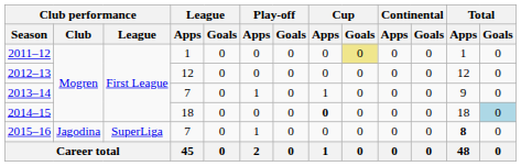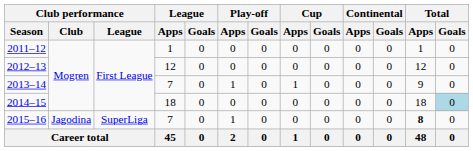 <table class="wikitable" style="text-align:center">
 <tr>
 <th colspan=3>Club performance</th>
 <th colspan=2>League</th>
 <th colspan=2>Play-off</th>
 <th colspan=2>Cup</th>
 <th colspan=2>Continental</th>
 <th colspan=2>Total</th>
 </tr>
 <tr>
 <th>Season</th>
 <th>Club</th>
 <th>League</th>
 <th>Apps</th>
 <th>Goals</th>
 <th>Apps</th>
 <th>Goals</th>
 <th>Apps</th>
 <th>Goals</th>
 <th>Apps</th>
 <th>Goals</th>
 <th>Apps</th>
 <th>Goals</th>
 </tr>
 <tr>
 <td><a href='#'>2011–12</a></td>
 <td rowspan="4"><a href='#'>Mogren</a></td>
 <td rowspan="4"><a href='#'>First League</a></td>
 <td>1</td>
 <td>0</td>
 <td>0</td>
 <td>0</td>
 <td>0</td>
-<td style="background: khaki;">0</td>
+<td>0</td>
 <td>0</td>
 <td>0</td>
 <td>1</td>
 <td>0</td>
 </tr>
 <tr>
 <td><a href='#'>2012–13</a></td>
 <td>12</td>
 <td>0</td>
 <td>0</td>
 <td>0</td>
 <td>0</td>
 <td>0</td>
 <td>0</td>
 <td>0</td>
 <td>12</td>
 <td>0</td>
 </tr>
 <tr>
 <td><a href='#'>2013–14</a></td>
 <td>7</td>
 <td>0</td>
 <td>1</td>
 <td>0</td>
 <td>1</td>
 <td>0</td>
 <td>0</td>
 <td>0</td>
 <td>9</td>
 <td>0</td>
 </tr>
 <tr>
 <td><a href='#'>2014–15</a></td>
 <td>18</td>
 <td>0</td>
 <td>0</td>
 <td>0</td>
-<td><strong>0</strong></td>
+<td>0</td>
 <td>0</td>
 <td>0</td>
 <td>0</td>
 <td>18</td>
 <td style="background: lightblue;">0</td>
 </tr>
 <tr>
 <td><a href='#'>2015–16</a></td>
 <td><a href='#'>Jagodina</a></td>
 <td><a href='#'>SuperLiga</a></td>
 <td>7</td>
 <td>0</td>
 <td>1</td>
 <td>0</td>
 <td>0</td>
 <td>0</td>
 <td>0</td>
 <td>0</td>
 <td><strong>8</strong></td>
 <td>0</td>
 </tr>
 <tr>
 <th colspan=3>Career total</th>
 <th>45</th>
 <th>0</th>
 <th>2</th>
 <th>0</th>
 <th>1</th>
 <th>0</th>
 <th>0</th>
 <th>0</th>
 <th>48</th>
 <th>0</th>
 </tr>
 </table>
